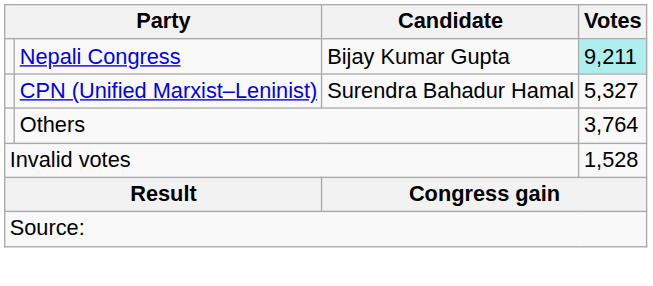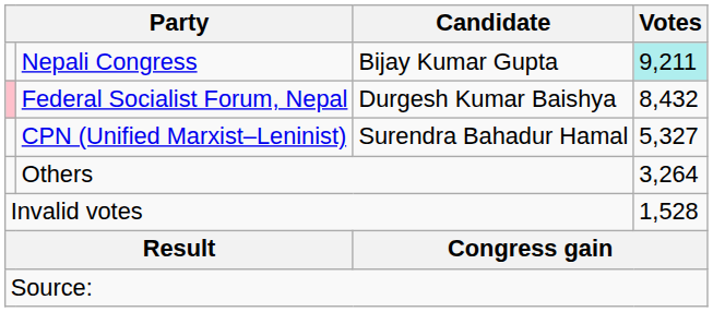 <table class="wikitable">
 <tr>
 <th colspan="2">Party</th>
 <th>Candidate</th>
 <th>Votes</th>
 </tr>
 <tr>
 <td style="background-color:"></td>
 <td><a href='#'>Nepali Congress</a></td>
 <td>Bijay Kumar Gupta</td>
 <td style="background: paleturquoise;">9,211</td>
 </tr>
 <tr>
+<td style="background-color:pink"></td>
+<td><a href='#'>Federal Socialist Forum, Nepal</a></td>
+<td>Durgesh Kumar Baishya</td>
+<td>8,432</td>
+</tr>
+<tr>
 <td style="background-color:"></td>
 <td><a href='#'>CPN (Unified Marxist–Leninist)</a></td>
 <td>Surendra Bahadur Hamal</td>
 <td>5,327</td>
 </tr>
 <tr>
 <td></td>
 <td colspan="2">Others</td>
-<td>3,764</td>
+<td>3,264</td>
 </tr>
 <tr>
 <td colspan="3">Invalid votes</td>
 <td>1,528</td>
 </tr>
 <tr>
 <th colspan="2">Result</th>
 <th colspan="2">Congress gain</th>
 </tr>
 <tr>
 <td colspan="4">Source: </td>
 </tr>
 </table>
